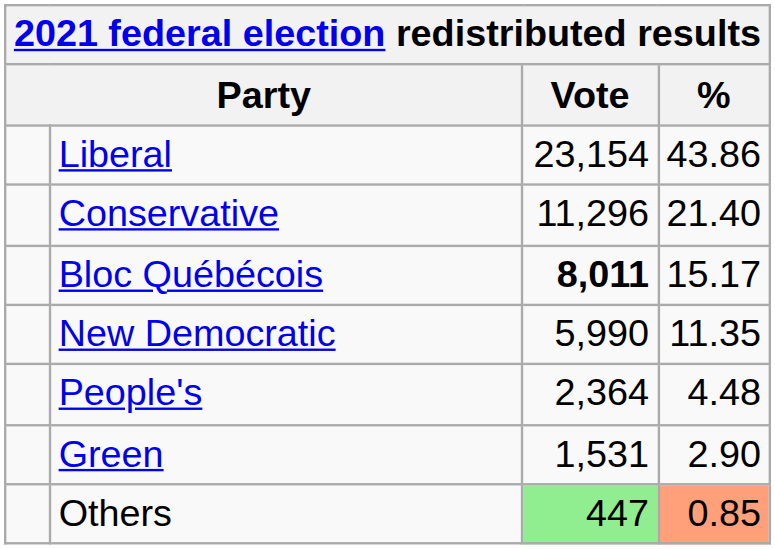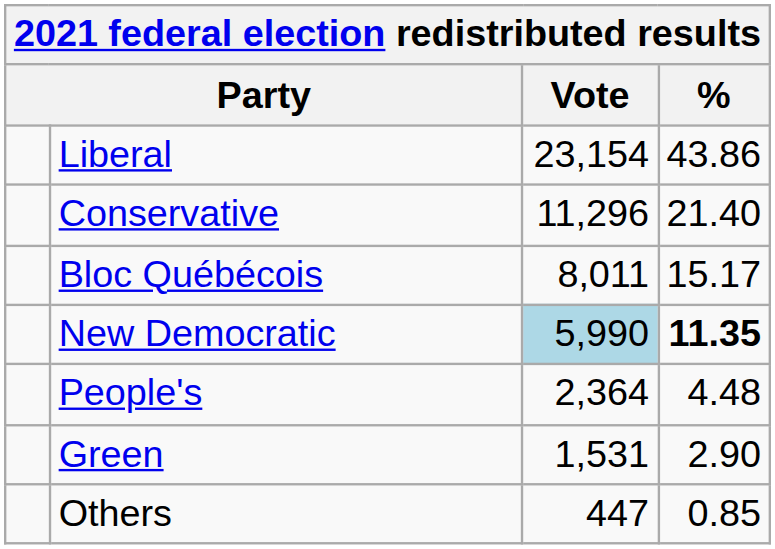 <table class="wikitable">
 <tr>
 <th colspan="4"><a href='#'>2021 federal election</a> redistributed results</th>
 </tr>
 <tr>
 <th bgcolor="#DDDDFF" width="130px" colspan="2">Party</th>
 <th bgcolor="#DDDDFF" width="50px">Vote</th>
 <th bgcolor="#DDDDFF" width="30px">%</th>
 </tr>
 <tr>
 <td> </td>
 <td><a href='#'>Liberal</a></td>
 <td align=right>23,154</td>
 <td align=right>43.86</td>
 </tr>
 <tr>
 <td> </td>
 <td><a href='#'>Conservative</a></td>
 <td align=right>11,296</td>
 <td align=right>21.40</td>
 </tr>
 <tr>
 <td> </td>
 <td><a href='#'>Bloc Québécois</a></td>
-<td align=right><strong>8,011</strong></td>
+<td align=right>8,011</td>
 <td align=right>15.17</td>
 </tr>
 <tr>
 <td> </td>
 <td><a href='#'>New Democratic</a></td>
-<td align=right>5,990</td>
-<td align=right>11.35</td>
+<td align=right style="background: lightblue;">5,990</td>
+<td align=right><strong>11.35</strong></td>
 </tr>
 <tr>
 <td> </td>
 <td><a href='#'>People's</a></td>
 <td align=right>2,364</td>
 <td align=right>4.48</td>
 </tr>
 <tr>
 <td> </td>
 <td><a href='#'>Green</a></td>
 <td align=right>1,531</td>
 <td align=right>2.90</td>
 </tr>
 <tr>
 <td> </td>
 <td>Others</td>
-<td align=right style="background: lightgreen;">447</td>
-<td align=right style="background: lightsalmon;">0.85</td>
+<td align=right>447</td>
+<td align=right>0.85</td>
 </tr>
 </table>
